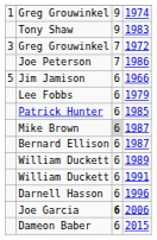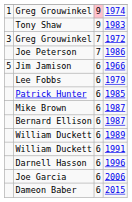 <table class="wikitable">
 <tr>
 </tr>
 <tr>
 <td>1</td>
 <td>Greg Grouwinkel</td>
-<td>9</td>
+<td style="background: pink;">9</td>
 <td><a href='#'>1974</a></td>
 </tr>
 <tr>
 <td></td>
 <td>Tony Shaw</td>
 <td>9</td>
 <td><a href='#'>1983</a></td>
 </tr>
 <tr>
 <td>3</td>
 <td>Greg Grouwinkel</td>
 <td>7</td>
 <td><a href='#'>1972</a></td>
 </tr>
 <tr>
 <td></td>
 <td>Joe Peterson</td>
 <td>7</td>
 <td><a href='#'>1986</a></td>
 </tr>
 <tr>
 <td>5</td>
 <td>Jim Jamison</td>
 <td>6</td>
 <td><a href='#'>1966</a></td>
 </tr>
 <tr>
 <td></td>
 <td>Lee Fobbs</td>
 <td>6</td>
 <td><a href='#'>1979</a></td>
 </tr>
 <tr>
 <td></td>
 <td><a href='#'>Patrick Hunter</a></td>
 <td>6</td>
 <td><a href='#'>1985</a></td>
 </tr>
 <tr>
 <td></td>
 <td>Mike Brown</td>
-<td style="background: lightgrey;">6</td>
+<td>6</td>
 <td><a href='#'>1987</a></td>
 </tr>
 <tr>
 <td></td>
 <td>Bernard Ellison</td>
 <td>6</td>
 <td><a href='#'>1987</a></td>
 </tr>
 <tr>
 <td></td>
 <td>William Duckett</td>
 <td>6</td>
 <td><a href='#'>1989</a></td>
 </tr>
 <tr>
 <td></td>
 <td>William Duckett</td>
 <td>6</td>
 <td><a href='#'>1991</a></td>
 </tr>
 <tr>
 <td></td>
 <td>Darnell Hasson</td>
 <td>6</td>
 <td><a href='#'>1996</a></td>
 </tr>
 <tr>
 <td></td>
 <td>Joe Garcia</td>
-<td><strong>6</strong></td>
+<td>6</td>
 <td><a href='#'>2006</a></td>
 </tr>
 <tr>
 <td></td>
 <td>Dameon Baber</td>
 <td>6</td>
 <td><a href='#'>2015</a></td>
 </tr>
 </table>
